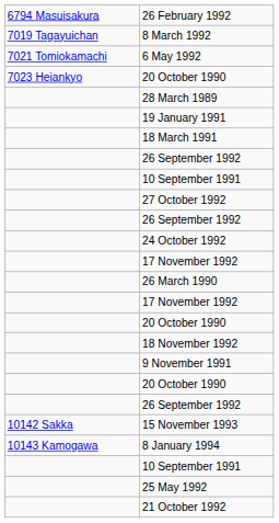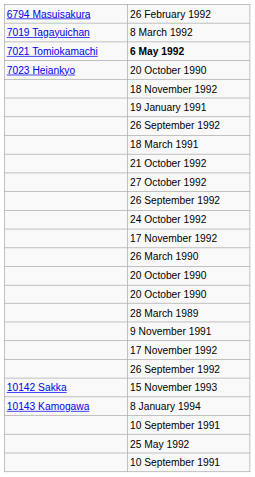 <table class="wikitable" style="font-size: 89%; float: left; width: 24em; margin-right: 1em;height: 650px;">
 <tr>
 <td><a href='#'>6794 Masuisakura</a></td>
 <td>26 February 1992</td>
 </tr>
 <tr>
 <td><a href='#'>7019 Tagayuichan</a></td>
 <td>8 March 1992</td>
 </tr>
 <tr>
 <td><a href='#'>7021 Tomiokamachi</a></td>
-<td>6 May 1992</td>
+<td><strong>6 May 1992</strong></td>
 </tr>
 <tr>
 <td><a href='#'>7023 Heiankyo</a></td>
 <td>20 October 1990</td>
 </tr>
 <tr>
 <td></td>
-<td>28 March 1989</td>
+<td>18 November 1992</td>
 </tr>
 <tr>
 <td></td>
 <td>19 January 1991</td>
 </tr>
 <tr>
 <td></td>
+<td>26 September 1992</td>
+</tr>
+<tr>
+<td></td>
 <td>18 March 1991</td>
 </tr>
 <tr>
 <td></td>
-<td>26 September 1992</td>
-</tr>
-<tr>
-<td></td>
-<td>10 September 1991</td>
+<td>21 October 1992</td>
 </tr>
 <tr>
 <td></td>
 <td>27 October 1992</td>
 </tr>
 <tr>
 <td></td>
 <td>26 September 1992</td>
 </tr>
 <tr>
 <td></td>
 <td>24 October 1992</td>
 </tr>
 <tr>
 <td></td>
 <td>17 November 1992</td>
 </tr>
 <tr>
 <td></td>
 <td>26 March 1990</td>
 </tr>
 <tr>
 <td></td>
-<td>17 November 1992</td>
+<td>20 October 1990</td>
 </tr>
 <tr>
 <td></td>
 <td>20 October 1990</td>
 </tr>
 <tr>
 <td></td>
-<td>18 November 1992</td>
+<td>28 March 1989</td>
 </tr>
 <tr>
 <td></td>
 <td>9 November 1991</td>
 </tr>
 <tr>
 <td></td>
-<td>20 October 1990</td>
+<td>17 November 1992</td>
 </tr>
 <tr>
 <td></td>
 <td>26 September 1992</td>
 </tr>
 <tr>
 <td><a href='#'>10142 Sakka</a></td>
 <td>15 November 1993</td>
 </tr>
 <tr>
 <td><a href='#'>10143 Kamogawa</a></td>
 <td>8 January 1994</td>
 </tr>
 <tr>
 <td></td>
 <td>10 September 1991</td>
 </tr>
 <tr>
 <td></td>
 <td>25 May 1992</td>
 </tr>
 <tr>
 <td></td>
-<td>21 October 1992</td>
+<td>10 September 1991</td>
 </tr>
 </table>
